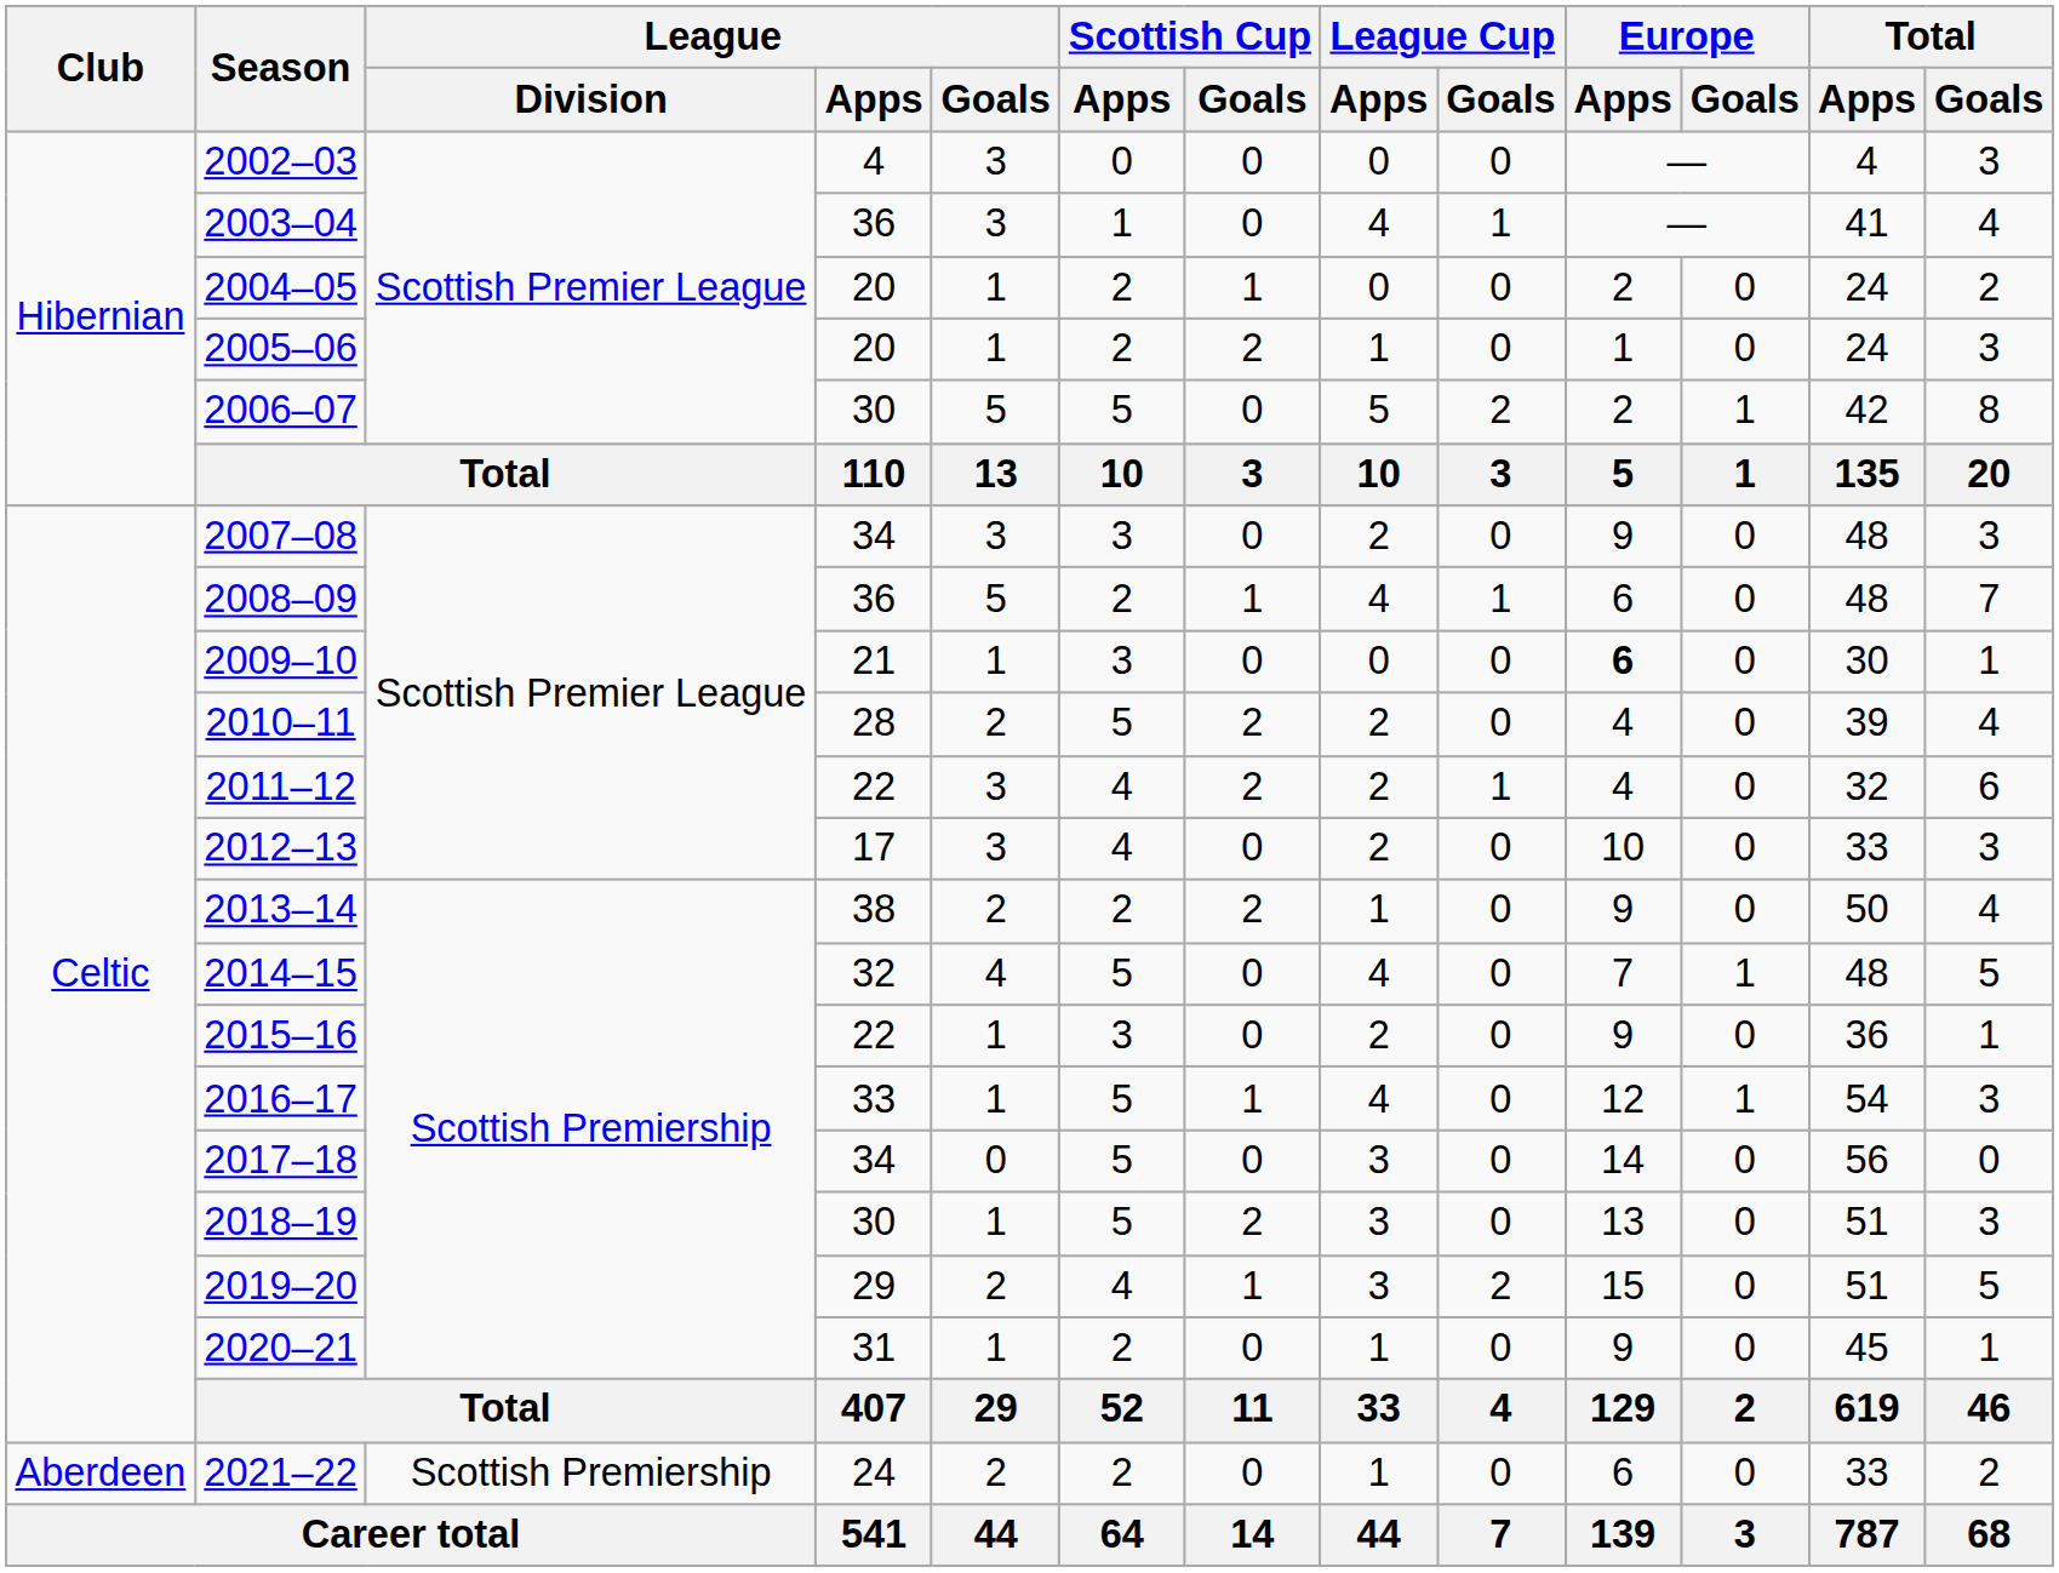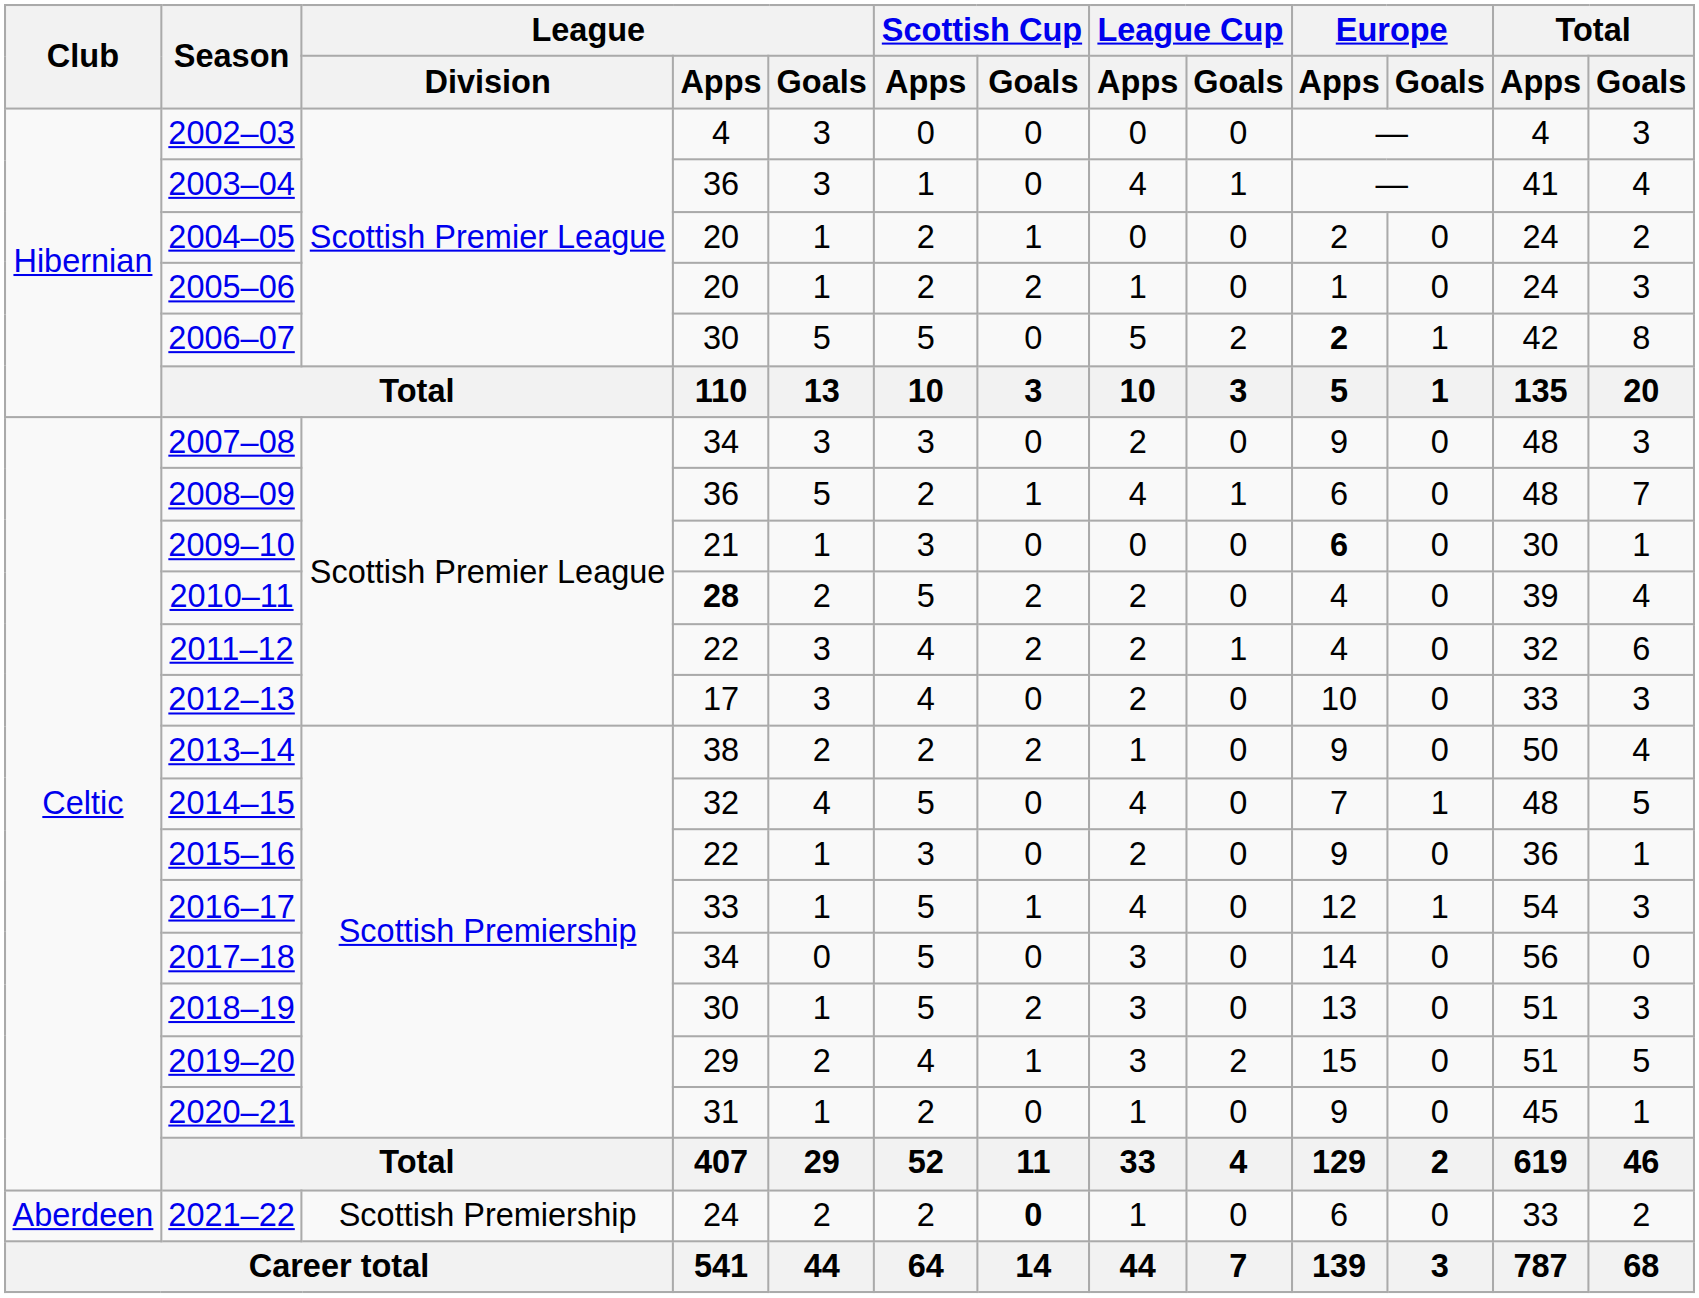 <table class="wikitable" style="text-align:center">
 <tr>
 <th rowspan="2">Club</th>
 <th rowspan="2">Season</th>
 <th colspan="3">League</th>
 <th colspan="2"><a href='#'>Scottish Cup</a></th>
 <th colspan="2"><a href='#'>League Cup</a></th>
 <th colspan="2"><a href='#'>Europe</a></th>
 <th colspan="2">Total</th>
 </tr>
 <tr>
 <th>Division</th>
 <th>Apps</th>
 <th>Goals</th>
 <th>Apps</th>
 <th>Goals</th>
 <th>Apps</th>
 <th>Goals</th>
 <th>Apps</th>
 <th>Goals</th>
 <th>Apps</th>
 <th>Goals</th>
 </tr>
 <tr>
 <td rowspan="6"><a href='#'>Hibernian</a></td>
 <td><a href='#'>2002–03</a></td>
 <td rowspan="5"><a href='#'>Scottish Premier League</a></td>
 <td>4</td>
 <td>3</td>
 <td>0</td>
 <td>0</td>
 <td>0</td>
 <td>0</td>
 <td colspan="2">—</td>
 <td>4</td>
 <td>3</td>
 </tr>
 <tr>
 <td><a href='#'>2003–04</a></td>
 <td>36</td>
 <td>3</td>
 <td>1</td>
 <td>0</td>
 <td>4</td>
 <td>1</td>
 <td colspan="2">—</td>
 <td>41</td>
 <td>4</td>
 </tr>
 <tr>
 <td><a href='#'>2004–05</a></td>
 <td>20</td>
 <td>1</td>
 <td>2</td>
 <td>1</td>
 <td>0</td>
 <td>0</td>
 <td>2</td>
 <td>0</td>
 <td>24</td>
 <td>2</td>
 </tr>
 <tr>
 <td><a href='#'>2005–06</a></td>
 <td>20</td>
 <td>1</td>
 <td>2</td>
 <td>2</td>
 <td>1</td>
 <td>0</td>
 <td>1</td>
 <td>0</td>
 <td>24</td>
 <td>3</td>
 </tr>
 <tr>
 <td><a href='#'>2006–07</a></td>
 <td>30</td>
 <td>5</td>
 <td>5</td>
 <td>0</td>
 <td>5</td>
 <td>2</td>
-<td>2</td>
+<td><strong>2</strong></td>
 <td>1</td>
 <td>42</td>
 <td>8</td>
 </tr>
 <tr>
 <th colspan=2>Total</th>
 <th>110</th>
 <th>13</th>
 <th>10</th>
 <th>3</th>
 <th>10</th>
 <th>3</th>
 <th>5</th>
 <th>1</th>
 <th>135</th>
 <th>20</th>
 </tr>
 <tr>
 <td rowspan="15"><a href='#'>Celtic</a></td>
 <td><a href='#'>2007–08</a></td>
 <td rowspan="6">Scottish Premier League</td>
 <td>34</td>
 <td>3</td>
 <td>3</td>
 <td>0</td>
 <td>2</td>
 <td>0</td>
 <td>9</td>
 <td>0</td>
 <td>48</td>
 <td>3</td>
 </tr>
 <tr>
 <td><a href='#'>2008–09</a></td>
 <td>36</td>
 <td>5</td>
 <td>2</td>
 <td>1</td>
 <td>4</td>
 <td>1</td>
 <td>6</td>
 <td>0</td>
 <td>48</td>
 <td>7</td>
 </tr>
 <tr>
 <td><a href='#'>2009–10</a></td>
 <td>21</td>
 <td>1</td>
 <td>3</td>
 <td>0</td>
 <td>0</td>
 <td>0</td>
 <td><strong>6</strong></td>
 <td>0</td>
 <td>30</td>
 <td>1</td>
 </tr>
 <tr>
 <td><a href='#'>2010–11</a></td>
-<td>28</td>
+<td><strong>28</strong></td>
 <td>2</td>
 <td>5</td>
 <td>2</td>
 <td>2</td>
 <td>0</td>
 <td>4</td>
 <td>0</td>
 <td>39</td>
 <td>4</td>
 </tr>
 <tr>
 <td><a href='#'>2011–12</a></td>
 <td>22</td>
 <td>3</td>
 <td>4</td>
 <td>2</td>
 <td>2</td>
 <td>1</td>
 <td>4</td>
 <td>0</td>
 <td>32</td>
 <td>6</td>
 </tr>
 <tr>
 <td><a href='#'>2012–13</a></td>
 <td>17</td>
 <td>3</td>
 <td>4</td>
 <td>0</td>
 <td>2</td>
 <td>0</td>
 <td>10</td>
 <td>0</td>
 <td>33</td>
 <td>3</td>
 </tr>
 <tr>
 <td><a href='#'>2013–14</a></td>
 <td rowspan="8"><a href='#'>Scottish Premiership</a></td>
 <td>38</td>
 <td>2</td>
 <td>2</td>
 <td>2</td>
 <td>1</td>
 <td>0</td>
 <td>9</td>
 <td>0</td>
 <td>50</td>
 <td>4</td>
 </tr>
 <tr>
 <td><a href='#'>2014–15</a></td>
 <td>32</td>
 <td>4</td>
 <td>5</td>
 <td>0</td>
 <td>4</td>
 <td>0</td>
 <td>7</td>
 <td>1</td>
 <td>48</td>
 <td>5</td>
 </tr>
 <tr>
 <td><a href='#'>2015–16</a></td>
 <td>22</td>
 <td>1</td>
 <td>3</td>
 <td>0</td>
 <td>2</td>
 <td>0</td>
 <td>9</td>
 <td>0</td>
 <td>36</td>
 <td>1</td>
 </tr>
 <tr>
 <td><a href='#'>2016–17</a></td>
 <td>33</td>
 <td>1</td>
 <td>5</td>
 <td>1</td>
 <td>4</td>
 <td>0</td>
 <td>12</td>
 <td>1</td>
 <td>54</td>
 <td>3</td>
 </tr>
 <tr>
 <td><a href='#'>2017–18</a></td>
 <td>34</td>
 <td>0</td>
 <td>5</td>
 <td>0</td>
 <td>3</td>
 <td>0</td>
 <td>14</td>
 <td>0</td>
 <td>56</td>
 <td>0</td>
 </tr>
 <tr>
 <td><a href='#'>2018–19</a></td>
 <td>30</td>
 <td>1</td>
 <td>5</td>
 <td>2</td>
 <td>3</td>
 <td>0</td>
 <td>13</td>
 <td>0</td>
 <td>51</td>
 <td>3</td>
 </tr>
 <tr>
 <td><a href='#'>2019–20</a></td>
 <td>29</td>
 <td>2</td>
 <td>4</td>
 <td>1</td>
 <td>3</td>
 <td>2</td>
 <td>15</td>
 <td>0</td>
 <td>51</td>
 <td>5</td>
 </tr>
 <tr>
 <td><a href='#'>2020–21</a></td>
 <td>31</td>
 <td>1</td>
 <td>2</td>
 <td>0</td>
 <td>1</td>
 <td>0</td>
 <td>9</td>
 <td>0</td>
 <td>45</td>
 <td>1</td>
 </tr>
 <tr>
 <th colspan="2">Total</th>
 <th>407</th>
 <th>29</th>
 <th>52</th>
 <th>11</th>
 <th>33</th>
 <th>4</th>
 <th>129</th>
 <th>2</th>
 <th>619</th>
 <th>46</th>
 </tr>
 <tr>
 <td><a href='#'>Aberdeen</a></td>
 <td><a href='#'>2021–22</a></td>
 <td>Scottish Premiership</td>
 <td>24</td>
 <td>2</td>
 <td>2</td>
-<td>0</td>
+<td><strong>0</strong></td>
 <td>1</td>
 <td>0</td>
 <td>6</td>
 <td>0</td>
 <td>33</td>
 <td>2</td>
 </tr>
 <tr>
 <th colspan="3">Career total</th>
 <th>541</th>
 <th>44</th>
 <th>64</th>
 <th>14</th>
 <th>44</th>
 <th>7</th>
 <th>139</th>
 <th>3</th>
 <th>787</th>
 <th>68</th>
 </tr>
 </table>
